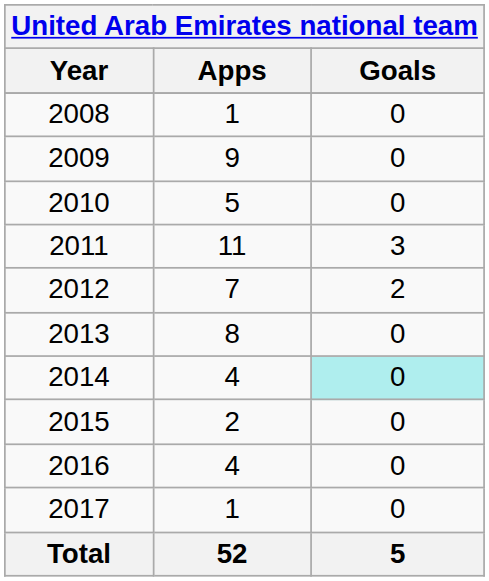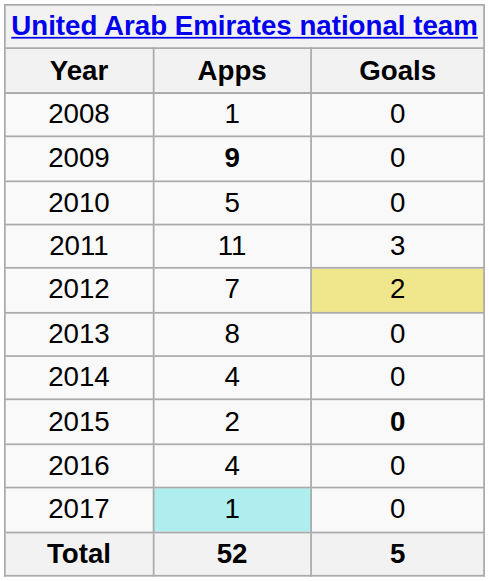 <table class="wikitable" style="text-align:center">
 <tr>
 <th colspan=3><a href='#'>United Arab Emirates national team</a></th>
 </tr>
 <tr>
 <th>Year</th>
 <th>Apps</th>
 <th>Goals</th>
 </tr>
 <tr>
 </tr>
 <tr>
 <td>2008</td>
 <td>1</td>
 <td>0</td>
 </tr>
 <tr>
 <td>2009</td>
-<td>9</td>
+<td><strong>9</strong></td>
 <td>0</td>
 </tr>
 <tr>
 <td>2010</td>
 <td>5</td>
 <td>0</td>
 </tr>
 <tr>
 <td>2011</td>
 <td>11</td>
 <td>3</td>
 </tr>
 <tr>
 <td>2012</td>
 <td>7</td>
-<td>2</td>
+<td style="background: khaki;">2</td>
 </tr>
 <tr>
 <td>2013</td>
 <td>8</td>
 <td>0</td>
 </tr>
 <tr>
 <td>2014</td>
 <td>4</td>
-<td style="background: paleturquoise;">0</td>
+<td>0</td>
 </tr>
 <tr>
 <td>2015</td>
 <td>2</td>
-<td>0</td>
+<td><strong>0</strong></td>
 </tr>
 <tr>
 <td>2016</td>
 <td>4</td>
 <td>0</td>
 </tr>
 <tr>
 <td>2017</td>
-<td>1</td>
+<td style="background: paleturquoise;">1</td>
 <td>0</td>
 </tr>
 <tr>
 <th>Total</th>
 <th>52</th>
 <th>5</th>
 </tr>
 </table>
